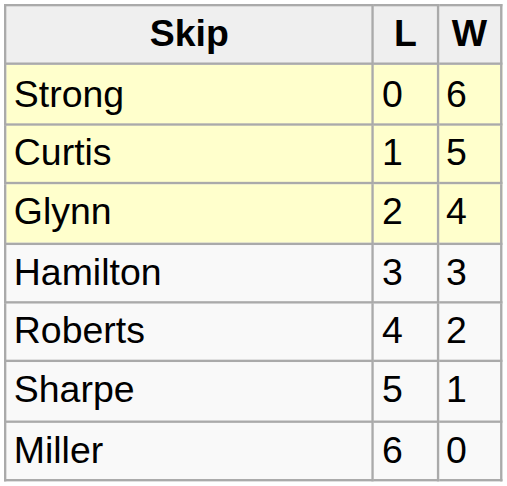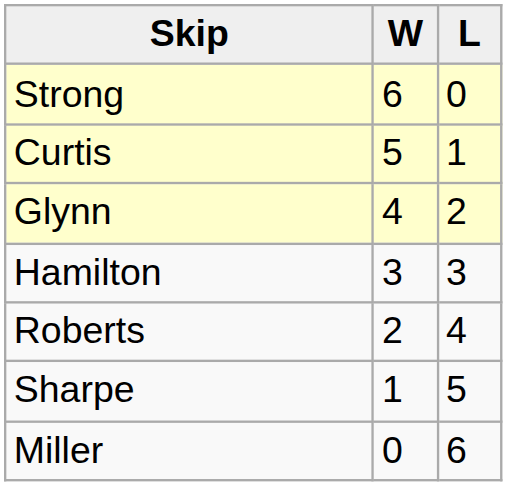 <table class="wikitable">
 <tr>
 <th style="background:#efefef; width:150px;">Skip</th>
+<th style="background:#efefef; width:20px;">W</th>
 <th style="background:#efefef; width:20px;">L</th>
-<th style="background:#efefef; width:20px;">W</th>
 </tr>
 <tr style="background:#ffffcc;">
 <td>Strong</td>
+<td>6</td>
 <td>0</td>
-<td>6</td>
 </tr>
 <tr style="background:#ffffcc;">
 <td>Curtis</td>
+<td>5</td>
 <td>1</td>
-<td>5</td>
 </tr>
 <tr style="background:#ffffcc;">
 <td>Glynn</td>
+<td>4</td>
 <td>2</td>
-<td>4</td>
 </tr>
 <tr>
 <td>Hamilton</td>
 <td>3</td>
 <td>3</td>
 </tr>
 <tr>
 <td>Roberts</td>
+<td>2</td>
 <td>4</td>
-<td>2</td>
 </tr>
 <tr>
 <td>Sharpe</td>
+<td>1</td>
 <td>5</td>
-<td>1</td>
 </tr>
 <tr>
 <td>Miller</td>
+<td>0</td>
 <td>6</td>
-<td>0</td>
 </tr>
 </table>
